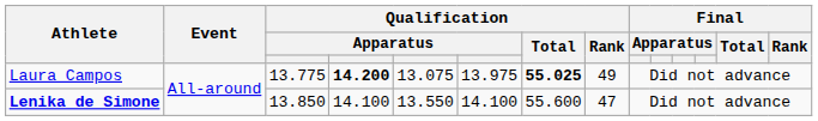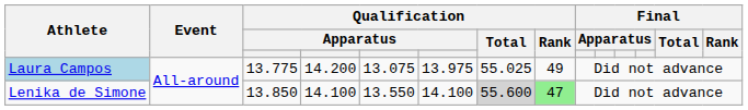 <table class="wikitable" style="font-size:90%">
 <tr>
 <th rowspan=3>Athlete</th>
 <th rowspan=3>Event</th>
 <th colspan=6>Qualification</th>
 <th colspan=6>Final</th>
 </tr>
 <tr style="font-size:95%">
 <th colspan=4>Apparatus</th>
 <th rowspan=2>Total</th>
 <th rowspan=2>Rank</th>
 <th colspan=4>Apparatus</th>
 <th rowspan=2>Total</th>
 <th rowspan=2>Rank</th>
 </tr>
 <tr style="font-size:95%">
 <th></th>
 <th></th>
 <th></th>
 <th></th>
 <th></th>
 <th></th>
 <th></th>
 <th></th>
 </tr>
 <tr align=center>
-<td align=left><a href='#'>Laura Campos</a></td>
+<td align=left style="background: lightblue;"><a href='#'>Laura Campos</a></td>
 <td align=left rowspan=2><a href='#'>All-around</a></td>
 <td>13.775</td>
-<td><strong>14.200</strong></td>
+<td>14.200</td>
 <td>13.075</td>
 <td>13.975</td>
-<td><strong>55.025</strong></td>
+<td>55.025</td>
 <td>49</td>
 <td colspan=6>Did not advance</td>
 </tr>
 <tr align=center>
-<td align=left><strong><a href='#'>Lenika de Simone</a></strong></td>
+<td align=left><a href='#'>Lenika de Simone</a></td>
 <td>13.850</td>
 <td>14.100</td>
 <td>13.550</td>
 <td>14.100</td>
-<td>55.600</td>
-<td>47</td>
+<td style="background: lightgrey;">55.600</td>
+<td style="background: lightgreen;">47</td>
 <td colspan=6>Did not advance</td>
 </tr>
 </table>
